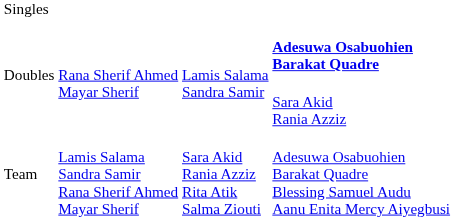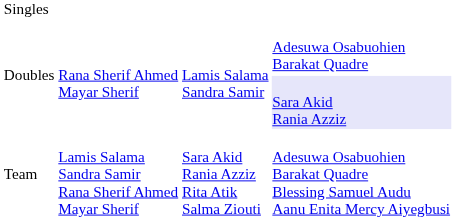 <table>
 <tr>
 <td rowspan=2>Singles<br></td>
 <td rowspan=2></td>
 <td rowspan=2></td>
 <td></td>
 </tr>
 <tr>
 <td></td>
 </tr>
 <tr>
 <td rowspan=2>Doubles<br></td>
 <td rowspan=2><br><a href='#'>Rana Sherif Ahmed</a><br> <a href='#'>Mayar Sherif</a></td>
 <td rowspan=2><br><a href='#'>Lamis Salama</a><br> <a href='#'>Sandra Samir</a></td>
-<td><strong><br><a href='#'>Adesuwa Osabuohien</a><br> <a href='#'>Barakat Quadre</a></strong></td>
+<td><br><a href='#'>Adesuwa Osabuohien</a><br> <a href='#'>Barakat Quadre</a></td>
 </tr>
 <tr>
-<td><br><a href='#'>Sara Akid</a><br> <a href='#'>Rania Azziz</a></td>
+<td style="background: lavender;"><br><a href='#'>Sara Akid</a><br> <a href='#'>Rania Azziz</a></td>
 </tr>
 <tr>
 <td>Team<br></td>
 <td><br><a href='#'>Lamis Salama</a><br> <a href='#'>Sandra Samir</a><br><a href='#'>Rana Sherif Ahmed</a><br> <a href='#'>Mayar Sherif</a></td>
 <td><br><a href='#'>Sara Akid</a><br> <a href='#'>Rania Azziz</a><br><a href='#'>Rita Atik</a><br><a href='#'>Salma Ziouti</a></td>
 <td><br><a href='#'>Adesuwa Osabuohien</a><br> <a href='#'>Barakat Quadre</a><br><a href='#'>Blessing Samuel Audu</a><br><a href='#'>Aanu Enita Mercy Aiyegbusi</a></td>
 </tr>
 </table>
